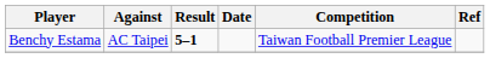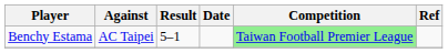 <table class="wikitable">
 <tr>
 <th>Player</th>
 <th>Against</th>
 <th>Result</th>
 <th>Date</th>
 <th>Competition</th>
 <th>Ref</th>
 </tr>
 <tr>
 <td> <a href='#'>Benchy Estama</a></td>
 <td><a href='#'>AC Taipei</a></td>
-<td><strong>5–1</strong></td>
+<td>5–1</td>
 <td></td>
-<td><a href='#'>Taiwan Football Premier League</a></td>
+<td style="background: lightgreen;"><a href='#'>Taiwan Football Premier League</a></td>
 <td></td>
 </tr>
 <tr>
 </tr>
 </table>
